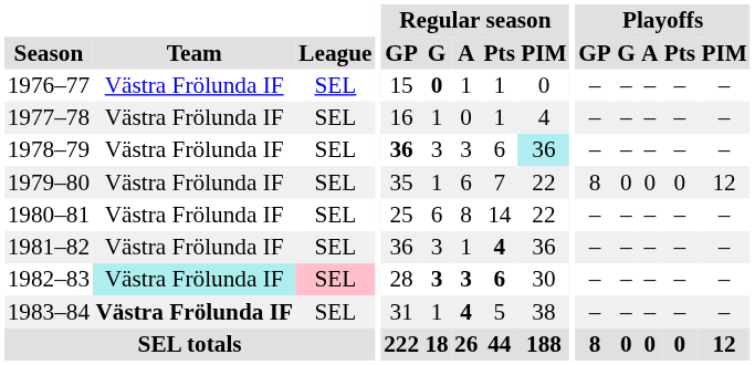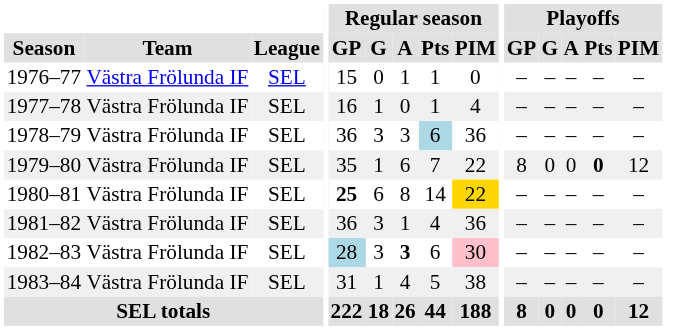 <table BORDER="0" CELLPADDING="2" CELLSPACING="0" ID="Table3" style="text-align:center">
 <tr bgcolor="#e0e0e0">
 <th colspan="3" bgcolor="#ffffff"></th>
 <th rowspan="99" bgcolor="#ffffff"></th>
 <th colspan="5">Regular season</th>
 <th rowspan="99" bgcolor="#ffffff"></th>
 <th colspan="5">Playoffs</th>
 </tr>
 <tr bgcolor="#e0e0e0">
 <th>Season</th>
 <th>Team</th>
 <th>League</th>
 <th>GP</th>
 <th>G</th>
 <th>A</th>
 <th>Pts</th>
 <th>PIM</th>
 <th>GP</th>
 <th>G</th>
 <th>A</th>
 <th>Pts</th>
 <th>PIM</th>
 </tr>
 <tr>
 <td>1976–77</td>
 <td><a href='#'>Västra Frölunda IF</a></td>
 <td><a href='#'>SEL</a></td>
 <td>15</td>
-<td><strong>0</strong></td>
+<td>0</td>
 <td>1</td>
 <td>1</td>
 <td>0</td>
 <td>–</td>
 <td>–</td>
 <td>–</td>
 <td>–</td>
 <td>–</td>
 </tr>
 <tr bgcolor="#f0f0f0">
 <td>1977–78</td>
 <td>Västra Frölunda IF</td>
 <td>SEL</td>
 <td>16</td>
 <td>1</td>
 <td>0</td>
 <td>1</td>
 <td>4</td>
 <td>–</td>
 <td>–</td>
 <td>–</td>
 <td>–</td>
 <td>–</td>
 </tr>
 <tr>
 <td>1978–79</td>
 <td>Västra Frölunda IF</td>
 <td>SEL</td>
-<td><strong>36</strong></td>
+<td>36</td>
 <td>3</td>
 <td>3</td>
-<td>6</td>
-<td style="background: paleturquoise;">36</td>
+<td style="background: lightblue;">6</td>
+<td>36</td>
 <td>–</td>
 <td>–</td>
 <td>–</td>
 <td>–</td>
 <td>–</td>
 </tr>
 <tr bgcolor="#f0f0f0">
 <td>1979–80</td>
 <td>Västra Frölunda IF</td>
 <td>SEL</td>
 <td>35</td>
 <td>1</td>
 <td>6</td>
 <td>7</td>
 <td>22</td>
 <td>8</td>
 <td>0</td>
 <td>0</td>
-<td>0</td>
+<td><strong>0</strong></td>
 <td>12</td>
 </tr>
 <tr>
 <td>1980–81</td>
 <td>Västra Frölunda IF</td>
 <td>SEL</td>
-<td>25</td>
+<td><strong>25</strong></td>
 <td>6</td>
 <td>8</td>
 <td>14</td>
-<td>22</td>
+<td style="background: gold;">22</td>
 <td>–</td>
 <td>–</td>
 <td>–</td>
 <td>–</td>
 <td>–</td>
 </tr>
 <tr bgcolor="#f0f0f0">
 <td>1981–82</td>
 <td>Västra Frölunda IF</td>
 <td>SEL</td>
 <td>36</td>
 <td>3</td>
 <td>1</td>
-<td><strong>4</strong></td>
+<td>4</td>
 <td>36</td>
 <td>–</td>
 <td>–</td>
 <td>–</td>
 <td>–</td>
 <td>–</td>
 </tr>
 <tr>
 <td>1982–83</td>
-<td style="background: paleturquoise;">Västra Frölunda IF</td>
-<td style="background: pink;">SEL</td>
-<td>28</td>
+<td>Västra Frölunda IF</td>
+<td>SEL</td>
+<td style="background: lightblue;">28</td>
+<td>3</td>
 <td><strong>3</strong></td>
-<td><strong>3</strong></td>
-<td><strong>6</strong></td>
-<td>30</td>
+<td>6</td>
+<td style="background: pink;">30</td>
 <td>–</td>
 <td>–</td>
 <td>–</td>
 <td>–</td>
 <td>–</td>
 </tr>
 <tr bgcolor="#f0f0f0">
 <td>1983–84</td>
-<td><strong>Västra Frölunda IF</strong></td>
+<td>Västra Frölunda IF</td>
 <td>SEL</td>
 <td>31</td>
 <td>1</td>
-<td><strong>4</strong></td>
+<td>4</td>
 <td>5</td>
 <td>38</td>
 <td>–</td>
 <td>–</td>
 <td>–</td>
 <td>–</td>
 <td>–</td>
 </tr>
 <tr bgcolor="#e0e0e0">
 <th colspan="3">SEL totals</th>
 <th>222</th>
 <th>18</th>
 <th>26</th>
 <th>44</th>
 <th>188</th>
 <th>8</th>
 <th>0</th>
 <th>0</th>
 <th>0</th>
 <th>12</th>
 </tr>
 </table>
